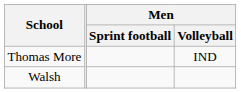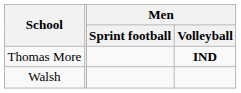 <table class="wikitable" style="text-align:center">
 <tr>
 <th rowspan=2>School</th>
 <th rowspan=4 width=1 style="padding:0"></th>
 <th colspan=2>Men</th>
 </tr>
 <tr>
 <th>Sprint football</th>
 <th>Volleyball</th>
 </tr>
 <tr>
 <td>Thomas More</td>
 <td></td>
-<td>IND</td>
+<td><strong>IND</strong></td>
 </tr>
 <tr>
 <td>Walsh</td>
 <td></td>
 <td></td>
 </tr>
 </table>
